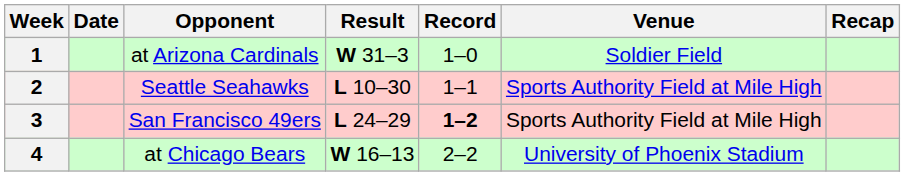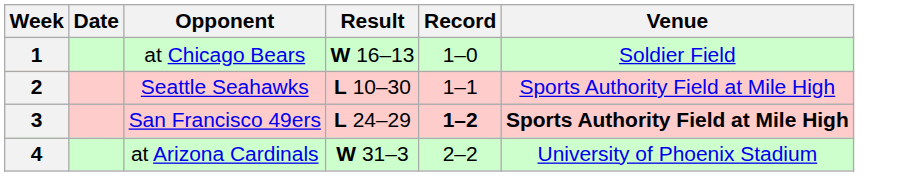 <table class="wikitable" style="text-align:center">
 <tr>
 <th>Week</th>
 <th>Date</th>
 <th>Opponent</th>
 <th>Result</th>
 <th>Record</th>
 <th>Venue</th>
-<th>Recap</th>
 </tr>
 <tr style="background:#cfc">
 <th>1</th>
 <td></td>
-<td>at <a href='#'>Arizona Cardinals</a></td>
-<td><strong>W</strong> 31–3</td>
+<td>at <a href='#'>Chicago Bears</a></td>
+<td><strong>W</strong> 16–13</td>
 <td>1–0</td>
 <td><a href='#'>Soldier Field</a></td>
-<td></td>
 </tr>
 <tr style="background:#fcc">
 <th>2</th>
 <td></td>
 <td><a href='#'>Seattle Seahawks</a></td>
 <td><strong>L</strong> 10–30</td>
 <td>1–1</td>
 <td><a href='#'>Sports Authority Field at Mile High</a></td>
-<td></td>
 </tr>
 <tr style="background:#fcc">
 <th>3</th>
 <td></td>
 <td><a href='#'>San Francisco 49ers</a></td>
 <td><strong>L</strong> 24–29</td>
 <td><strong>1–2</strong></td>
-<td>Sports Authority Field at Mile High</td>
-<td></td>
+<td><strong>Sports Authority Field at Mile High</strong></td>
 </tr>
 <tr style="background:#cfc">
 <th>4</th>
 <td></td>
-<td>at <a href='#'>Chicago Bears</a></td>
-<td><strong>W</strong> 16–13</td>
+<td>at <a href='#'>Arizona Cardinals</a></td>
+<td><strong>W</strong> 31–3</td>
 <td>2–2</td>
 <td><a href='#'>University of Phoenix Stadium</a></td>
-<td></td>
 </tr>
 </table>
